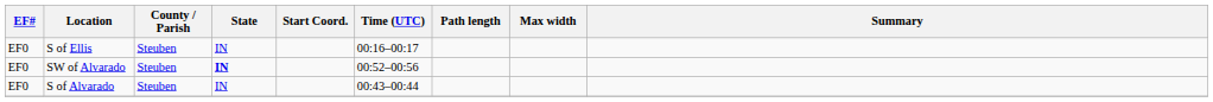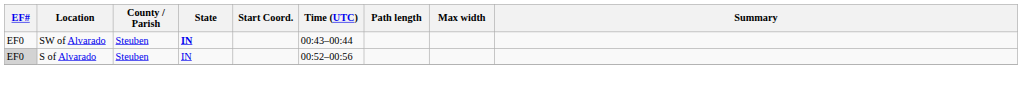 <table class="wikitable sortable" style="width:100%;">
 <tr>
 <th scope="col"  style="width:3%; text-align:center;"><a href='#'>EF#</a></th>
 <th scope="col"  style="width:7%; text-align:center;" class="unsortable">Location</th>
 <th scope="col"  style="width:6%; text-align:center;" class="unsortable">County / Parish</th>
 <th scope="col"  style="width:5%; text-align:center;">State</th>
 <th scope="col"  style="width:6%; text-align:center;">Start Coord.</th>
 <th scope="col"  style="width:6%; text-align:center;">Time (<a href='#'>UTC</a>)</th>
 <th scope="col"  style="width:6%; text-align:center;">Path length</th>
 <th scope="col"  style="width:6%; text-align:center;">Max width</th>
 <th scope="col" class="unsortable" style="width:48%; text-align:center;">Summary</th>
 </tr>
 <tr>
 <td>EF0</td>
-<td>S of <a href='#'>Ellis</a></td>
+<td>SW of <a href='#'>Alvarado</a></td>
 <td><a href='#'>Steuben</a></td>
-<td><a href='#'>IN</a></td>
+<td><strong><a href='#'>IN</a></strong></td>
 <td></td>
-<td>00:16–00:17</td>
+<td>00:43–00:44</td>
 <td></td>
 <td></td>
 <td></td>
 </tr>
 <tr>
-<td>EF0</td>
-<td>SW of <a href='#'>Alvarado</a></td>
+<td style="background: lightgrey;">EF0</td>
+<td>S of <a href='#'>Alvarado</a></td>
 <td><a href='#'>Steuben</a></td>
-<td><strong><a href='#'>IN</a></strong></td>
+<td><a href='#'>IN</a></td>
 <td></td>
 <td>00:52–00:56</td>
 <td></td>
 <td></td>
 <td></td>
 </tr>
 <tr>
-<td>EF0</td>
-<td>S of <a href='#'>Alvarado</a></td>
-<td><a href='#'>Steuben</a></td>
-<td><a href='#'>IN</a></td>
-<td></td>
-<td>00:43–00:44</td>
-<td></td>
-<td></td>
-<td></td>
-</tr>
-<tr>
 </tr>
 </table>
